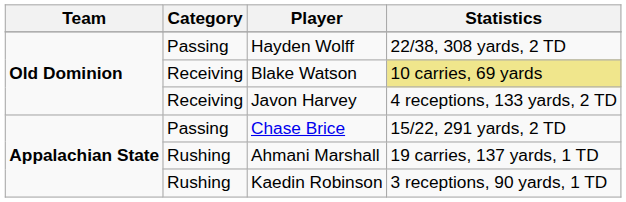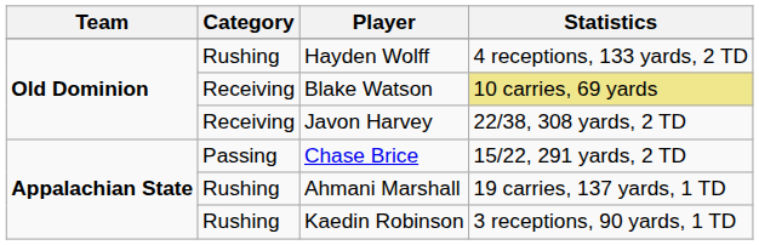 <table class="wikitable" style="float: right;">
 <tr>
 <th>Team</th>
 <th>Category</th>
 <th>Player</th>
 <th>Statistics</th>
 </tr>
 <tr>
 </tr>
 <tr>
 <td rowspan=3><strong>Old Dominion</strong></td>
-<td>Passing</td>
+<td>Rushing</td>
 <td>Hayden Wolff</td>
-<td>22/38, 308 yards, 2 TD</td>
+<td>4 receptions, 133 yards, 2 TD</td>
 </tr>
 <tr>
 <td>Receiving</td>
 <td>Blake Watson</td>
 <td style="background: khaki;">10 carries, 69 yards</td>
 </tr>
 <tr>
 <td>Receiving</td>
 <td>Javon Harvey</td>
-<td>4 receptions, 133 yards, 2 TD</td>
+<td>22/38, 308 yards, 2 TD</td>
 </tr>
 <tr>
 <td rowspan=3><strong>Appalachian State</strong></td>
 <td>Passing</td>
 <td><a href='#'>Chase Brice</a></td>
 <td>15/22, 291 yards, 2 TD</td>
 </tr>
 <tr>
 <td>Rushing</td>
 <td>Ahmani Marshall</td>
 <td>19 carries, 137 yards, 1 TD</td>
 </tr>
 <tr>
 <td>Rushing</td>
 <td>Kaedin Robinson</td>
 <td>3 receptions, 90 yards, 1 TD</td>
 </tr>
 </table>
